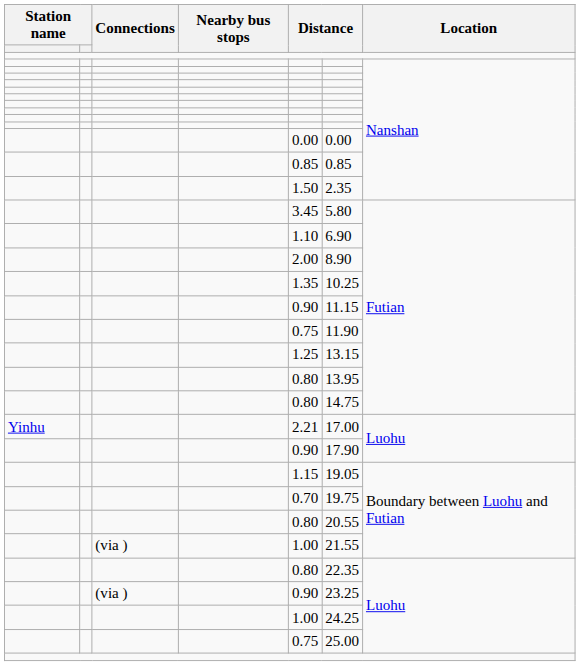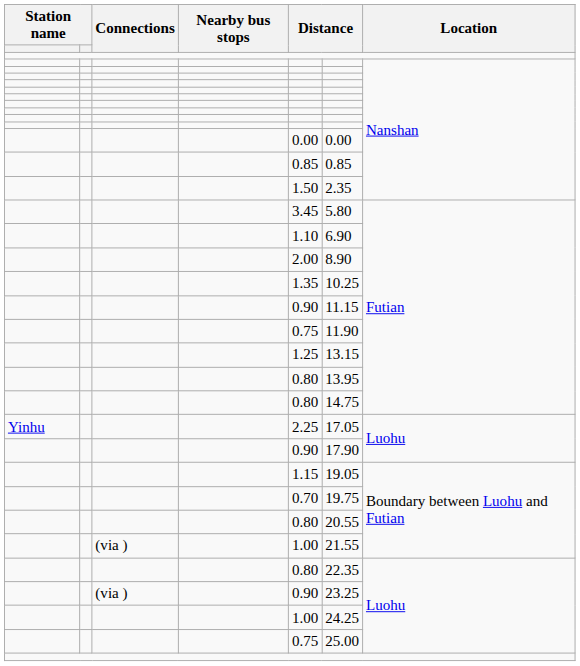 <table class="wikitable">
 <tr>
 <th colspan="2">Station name</th>
 <th rowspan="2">Connections</th>
 <th rowspan="2">Nearby bus stops</th>
 <th colspan="2" rowspan="2">Distance<br></th>
 <th rowspan="2">Location</th>
 </tr>
 <tr>
 <th></th>
 <th></th>
 </tr>
 <tr style="background:#">
 <td colspan = "7"></td>
 </tr>
 <tr>
 <td></td>
 <td></td>
 <td></td>
 <td></td>
 <td></td>
 <td></td>
 <td rowspan=13><a href='#'>Nanshan</a></td>
 </tr>
 <tr>
 <td></td>
 <td></td>
 <td></td>
 <td></td>
 <td></td>
 <td></td>
 </tr>
 <tr>
 <td></td>
 <td></td>
 <td></td>
 <td></td>
 <td></td>
 <td></td>
 </tr>
 <tr>
 <td></td>
 <td></td>
 <td></td>
 <td></td>
 <td></td>
 <td></td>
 </tr>
 <tr>
 <td></td>
 <td></td>
 <td></td>
 <td></td>
 <td></td>
 <td></td>
 </tr>
 <tr>
 <td></td>
 <td></td>
 <td></td>
 <td></td>
 <td></td>
 <td></td>
 </tr>
 <tr>
 <td></td>
 <td></td>
 <td></td>
 <td></td>
 <td></td>
 <td></td>
 </tr>
 <tr>
 <td></td>
 <td></td>
 <td></td>
 <td></td>
 <td></td>
 <td></td>
 </tr>
 <tr>
 <td></td>
 <td></td>
 <td></td>
 <td></td>
 <td></td>
 <td></td>
 </tr>
 <tr>
 <td></td>
 <td></td>
 <td></td>
 <td></td>
 <td></td>
 <td></td>
 </tr>
 <tr>
 <td></td>
 <td></td>
 <td></td>
 <td></td>
 <td>0.00</td>
 <td>0.00</td>
 </tr>
 <tr>
 <td></td>
 <td></td>
 <td></td>
 <td></td>
 <td>0.85</td>
 <td>0.85</td>
 </tr>
 <tr>
 <td></td>
 <td></td>
 <td></td>
 <td></td>
 <td>1.50</td>
 <td>2.35</td>
 </tr>
 <tr>
 <td></td>
 <td></td>
 <td></td>
 <td></td>
 <td>3.45</td>
 <td>5.80</td>
 <td rowspan=9><a href='#'>Futian</a></td>
 </tr>
 <tr>
 <td></td>
 <td></td>
 <td>  </td>
 <td></td>
 <td>1.10</td>
 <td>6.90</td>
 </tr>
 <tr>
 <td></td>
 <td></td>
 <td></td>
 <td></td>
 <td>2.00</td>
 <td>8.90</td>
 </tr>
 <tr>
 <td></td>
 <td></td>
 <td></td>
 <td></td>
 <td>1.35</td>
 <td>10.25</td>
 </tr>
 <tr>
 <td></td>
 <td></td>
 <td></td>
 <td></td>
 <td>0.90</td>
 <td>11.15</td>
 </tr>
 <tr>
 <td></td>
 <td></td>
 <td></td>
 <td></td>
 <td>0.75</td>
 <td>11.90</td>
 </tr>
 <tr>
 <td></td>
 <td></td>
 <td></td>
 <td></td>
 <td>1.25</td>
 <td>13.15</td>
 </tr>
 <tr>
 <td></td>
 <td></td>
 <td></td>
 <td></td>
 <td>0.80</td>
 <td>13.95</td>
 </tr>
 <tr>
 <td></td>
 <td></td>
 <td></td>
 <td></td>
 <td>0.80</td>
 <td>14.75</td>
 </tr>
 <tr>
 <td><a href='#'>Yinhu</a></td>
 <td></td>
 <td></td>
 <td></td>
-<td>2.21</td>
-<td>17.00</td>
+<td>2.25</td>
+<td>17.05</td>
 <td rowspan=2><a href='#'>Luohu</a></td>
 </tr>
 <tr>
 <td></td>
 <td></td>
 <td></td>
 <td></td>
 <td>0.90</td>
 <td>17.90</td>
 </tr>
 <tr>
 <td></td>
 <td></td>
 <td></td>
 <td></td>
 <td>1.15</td>
 <td>19.05</td>
 <td rowspan=4>Boundary between <a href='#'>Luohu</a> and <a href='#'>Futian</a></td>
 </tr>
 <tr>
 <td></td>
 <td></td>
 <td></td>
 <td></td>
 <td>0.70</td>
 <td>19.75</td>
 </tr>
 <tr>
 <td></td>
 <td></td>
 <td></td>
 <td></td>
 <td>0.80</td>
 <td>20.55</td>
 </tr>
 <tr>
 <td></td>
 <td></td>
 <td>  (via )</td>
 <td></td>
 <td>1.00</td>
 <td>21.55</td>
 </tr>
 <tr>
 <td></td>
 <td></td>
 <td></td>
 <td></td>
 <td>0.80</td>
 <td>22.35</td>
 <td rowspan=4><a href='#'>Luohu</a></td>
 </tr>
 <tr>
 <td></td>
 <td></td>
 <td> (via )</td>
 <td></td>
 <td>0.90</td>
 <td>23.25</td>
 </tr>
 <tr>
 <td></td>
 <td></td>
 <td></td>
 <td></td>
 <td>1.00</td>
 <td>24.25</td>
 </tr>
 <tr>
 <td></td>
 <td></td>
 <td></td>
 <td></td>
 <td>0.75</td>
 <td>25.00</td>
 </tr>
 <tr style="background:#">
 <td colspan = "7"></td>
 </tr>
 </table>
